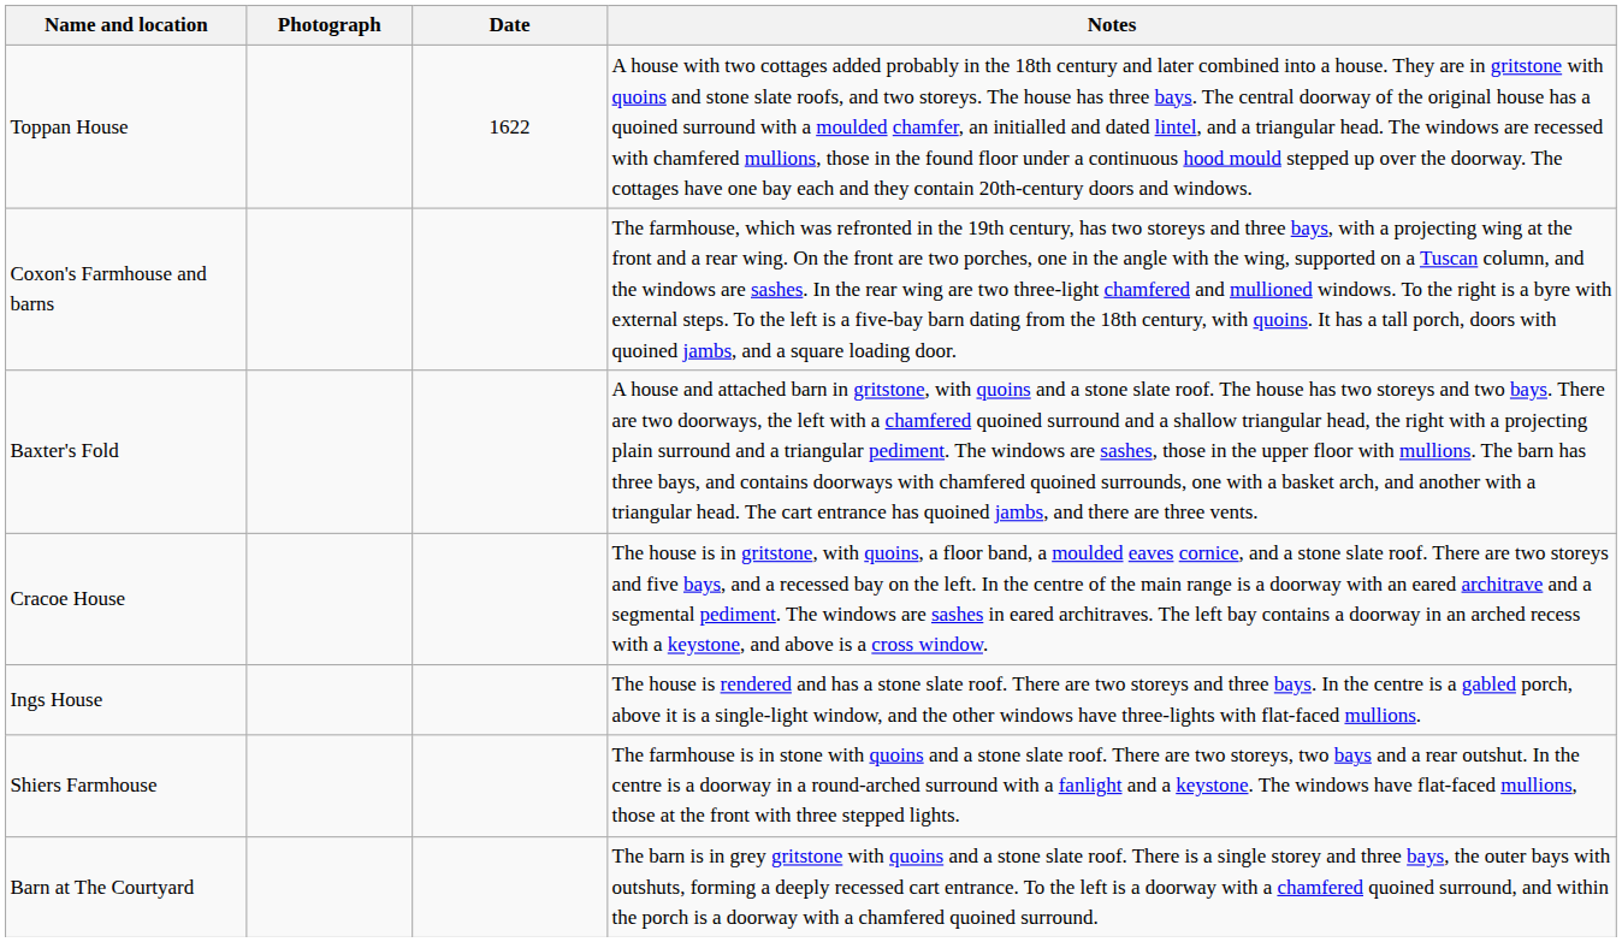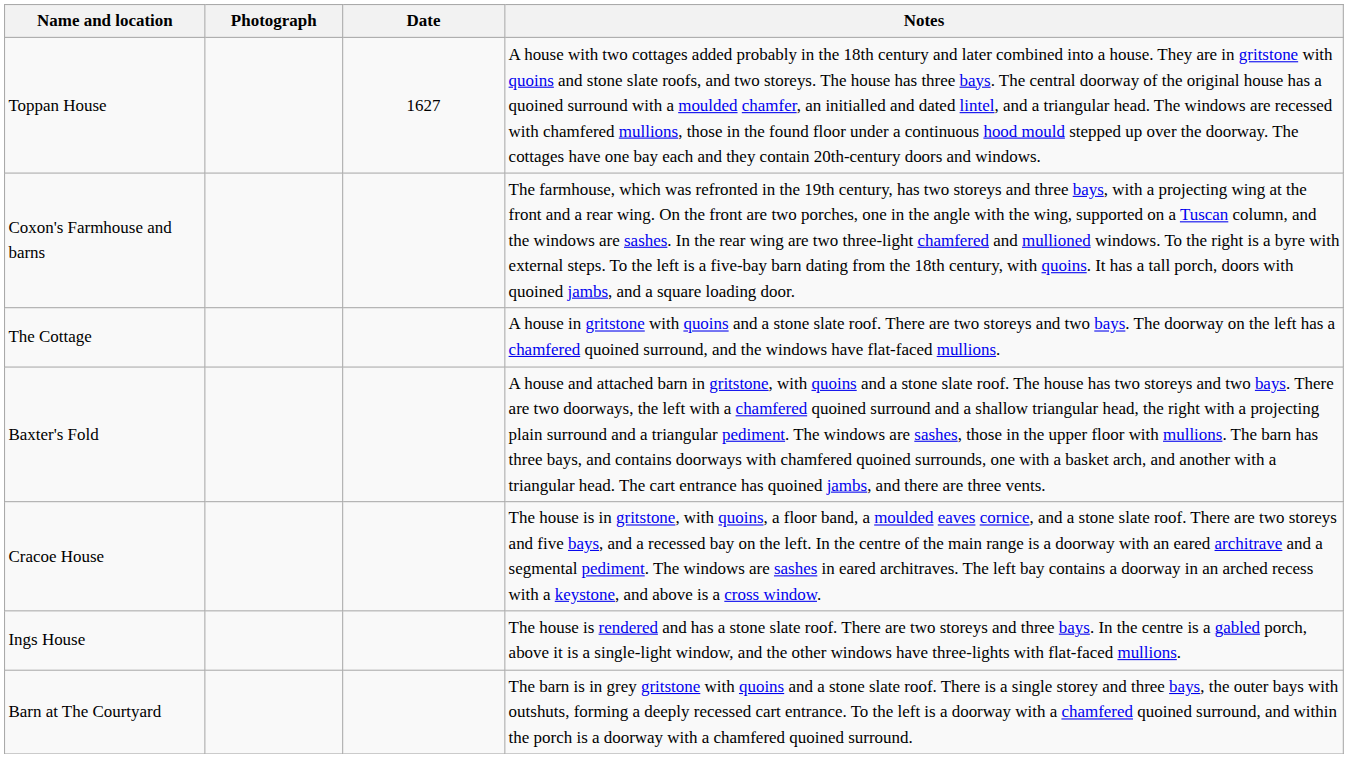 <table class="wikitable sortable plainrowheaders" style="width:100%;border:0px;text-align:left;line-height:150%;">
 <tr>
 <th scope="col"  style="width:150px">Name and location</th>
 <th scope="col"  style="width:100px" class="unsortable">Photograph</th>
 <th scope="col"  style="width:120px">Date</th>
 <th scope="col"  style="width:650px" class="unsortable">Notes</th>
 </tr>
 <tr>
 <td>Toppan House<br><small></small></td>
 <td></td>
-<td align="center">1622</td>
+<td align="center">1627</td>
 <td>A house with two cottages added probably in the 18th century and later combined into a house.  They are in <a href='#'>gritstone</a> with <a href='#'>quoins</a> and stone slate roofs, and two storeys.  The house has three <a href='#'>bays</a>.  The central doorway of the original house has a quoined surround with a <a href='#'>moulded</a> <a href='#'>chamfer</a>, an initialled and dated <a href='#'>lintel</a>, and a triangular head.  The windows are recessed with chamfered <a href='#'>mullions</a>, those in the found floor under a continuous <a href='#'>hood mould</a> stepped up over the doorway.  The cottages have one bay each and they contain 20th-century doors and windows.</td>
 </tr>
 <tr>
 <td>Coxon's Farmhouse and barns<br><small></small></td>
 <td></td>
 <td align="center"></td>
 <td>The farmhouse, which was refronted in the 19th century, has two storeys and three <a href='#'>bays</a>, with a projecting wing at the front and a rear wing.  On the front are two porches, one in the angle with the wing, supported on a <a href='#'>Tuscan</a> column, and the windows are <a href='#'>sashes</a>.  In the rear wing are two three-light <a href='#'>chamfered</a> and <a href='#'>mullioned</a> windows.  To the right is a byre with external steps. To the left is a five-bay barn dating from the 18th century, with <a href='#'>quoins</a>.  It has a tall porch, doors with quoined <a href='#'>jambs</a>, and a square loading door.</td>
+</tr>
+<tr>
+<td>The Cottage<br><small></small></td>
+<td></td>
+<td align="center"></td>
+<td>A house in <a href='#'>gritstone</a> with <a href='#'>quoins</a> and a stone slate roof.  There are two storeys and two <a href='#'>bays</a>.  The doorway on the left has a <a href='#'>chamfered</a> quoined surround, and the windows have flat-faced <a href='#'>mullions</a>.</td>
 </tr>
 <tr>
 <td>Baxter's Fold<br><small></small></td>
 <td></td>
 <td align="center"></td>
 <td>A house and attached barn in <a href='#'>gritstone</a>, with <a href='#'>quoins</a> and a stone slate roof.  The house has two storeys and two <a href='#'>bays</a>.  There are two doorways, the left with a <a href='#'>chamfered</a> quoined surround and a shallow triangular head, the right with a projecting plain surround and a triangular <a href='#'>pediment</a>.  The windows are <a href='#'>sashes</a>, those in the upper floor with <a href='#'>mullions</a>.  The barn has three bays, and contains doorways with chamfered quoined surrounds, one with a basket arch, and another with a triangular head.  The cart entrance has quoined <a href='#'>jambs</a>, and there are three vents.</td>
 </tr>
 <tr>
 <td>Cracoe House<br><small></small></td>
 <td></td>
 <td align="center"></td>
 <td>The house is in <a href='#'>gritstone</a>, with <a href='#'>quoins</a>, a floor band, a <a href='#'>moulded</a> <a href='#'>eaves</a> <a href='#'>cornice</a>, and a stone slate roof.  There are two storeys and five <a href='#'>bays</a>, and a recessed bay on the left.  In the centre of the main range is a doorway with an eared <a href='#'>architrave</a> and a segmental <a href='#'>pediment</a>.  The windows are <a href='#'>sashes</a> in eared architraves.  The left bay contains a doorway in an arched recess with a <a href='#'>keystone</a>, and above is a <a href='#'>cross window</a>.</td>
 </tr>
 <tr>
 <td>Ings House<br><small></small></td>
 <td></td>
 <td align="center"></td>
 <td>The house is <a href='#'>rendered</a> and has a stone slate roof.  There are two storeys and three <a href='#'>bays</a>.  In the centre is a <a href='#'>gabled</a> porch, above it is a single-light window, and the other windows have three-lights with flat-faced <a href='#'>mullions</a>.</td>
 </tr>
 <tr>
-<td>Shiers Farmhouse<br><small></small></td>
-<td></td>
-<td align="center"></td>
-<td>The farmhouse is in stone with <a href='#'>quoins</a> and a stone slate roof.  There are two storeys, two <a href='#'>bays</a> and a rear outshut.  In the centre is a doorway in a round-arched surround with a <a href='#'>fanlight</a> and a <a href='#'>keystone</a>.  The windows have flat-faced <a href='#'>mullions</a>, those at the front with three stepped lights.</td>
-</tr>
-<tr>
 <td>Barn at The Courtyard<br><small></small></td>
 <td></td>
 <td align="center"></td>
 <td>The barn is in grey <a href='#'>gritstone</a> with <a href='#'>quoins</a> and a stone slate roof.  There is a single storey and three <a href='#'>bays</a>, the outer bays with outshuts, forming a deeply recessed cart entrance.  To the left is a doorway with a <a href='#'>chamfered</a> quoined surround, and within the porch is a doorway with a chamfered quoined surround.</td>
 </tr>
 <tr>
 </tr>
 </table>
